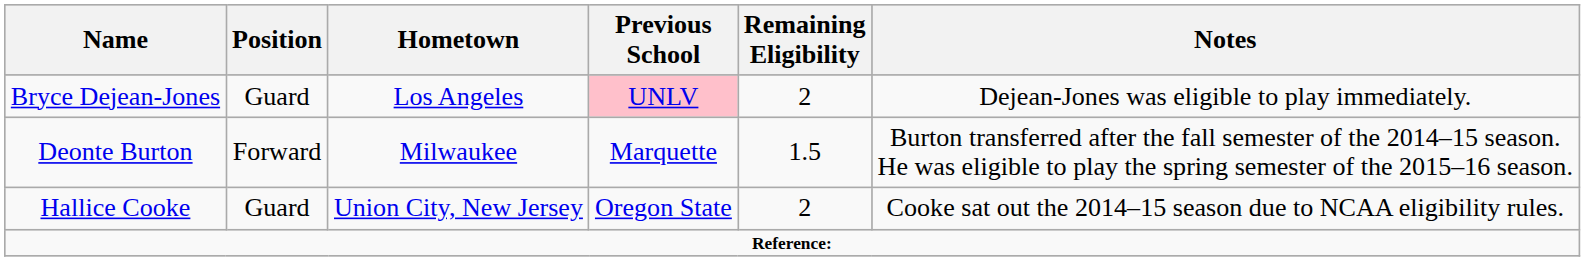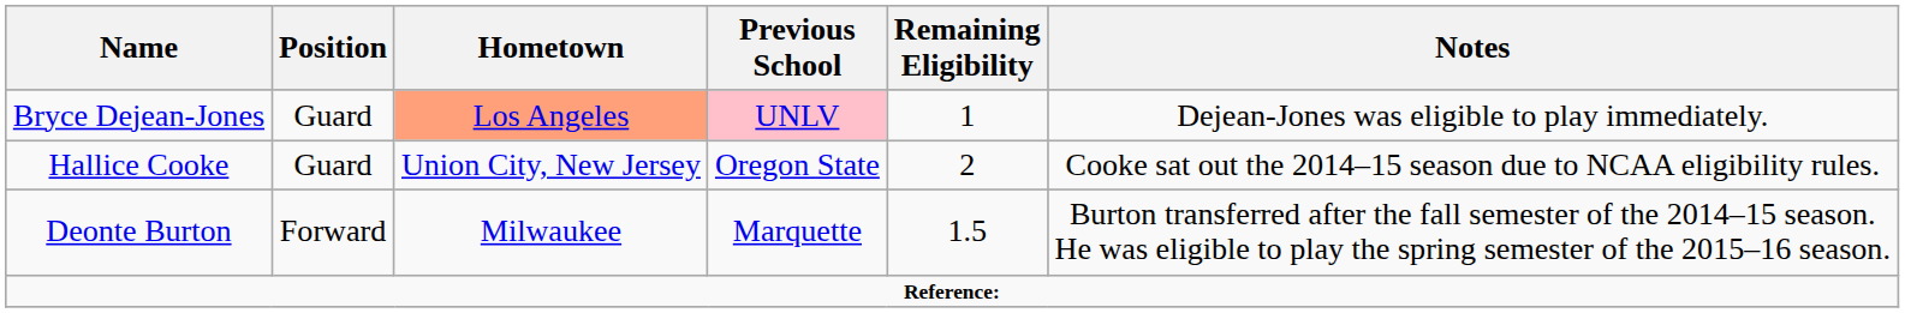 <table class="wikitable" style="text-align: center">
 <tr align=center>
 <th>Name</th>
 <th>Position</th>
 <th>Hometown</th>
 <th>Previous<br>School</th>
 <th>Remaining<br>Eligibility</th>
 <th>Notes</th>
 </tr>
 <tr>
 <td><a href='#'>Bryce Dejean-Jones</a></td>
 <td>Guard</td>
-<td><a href='#'>Los Angeles</a></td>
+<td style="background: lightsalmon;"><a href='#'>Los Angeles</a></td>
 <td style="background: pink;"><a href='#'>UNLV</a></td>
+<td>1</td>
+<td>Dejean-Jones was eligible to play immediately.</td>
+</tr>
+<tr>
+<td><a href='#'>Hallice Cooke</a></td>
+<td>Guard</td>
+<td><a href='#'>Union City, New Jersey</a></td>
+<td><a href='#'>Oregon State</a></td>
 <td>2</td>
-<td>Dejean-Jones was eligible to play immediately.</td>
+<td>Cooke sat out the 2014–15 season due to NCAA eligibility rules.</td>
 </tr>
 <tr>
 <td><a href='#'>Deonte Burton</a></td>
 <td>Forward</td>
 <td><a href='#'>Milwaukee</a></td>
 <td><a href='#'>Marquette</a></td>
 <td>1.5</td>
 <td>Burton transferred after the fall semester of the 2014–15 season.<br>He was eligible to play the spring semester of the 2015–16 season.</td>
 </tr>
 <tr>
-<td><a href='#'>Hallice Cooke</a></td>
-<td>Guard</td>
-<td><a href='#'>Union City, New Jersey</a></td>
-<td><a href='#'>Oregon State</a></td>
-<td>2</td>
-<td>Cooke sat out the 2014–15 season due to NCAA eligibility rules.</td>
-</tr>
-<tr>
 <td colspan="6"  style="font-size:8pt; text-align:center;"><strong>Reference:</strong></td>
 </tr>
 </table>
